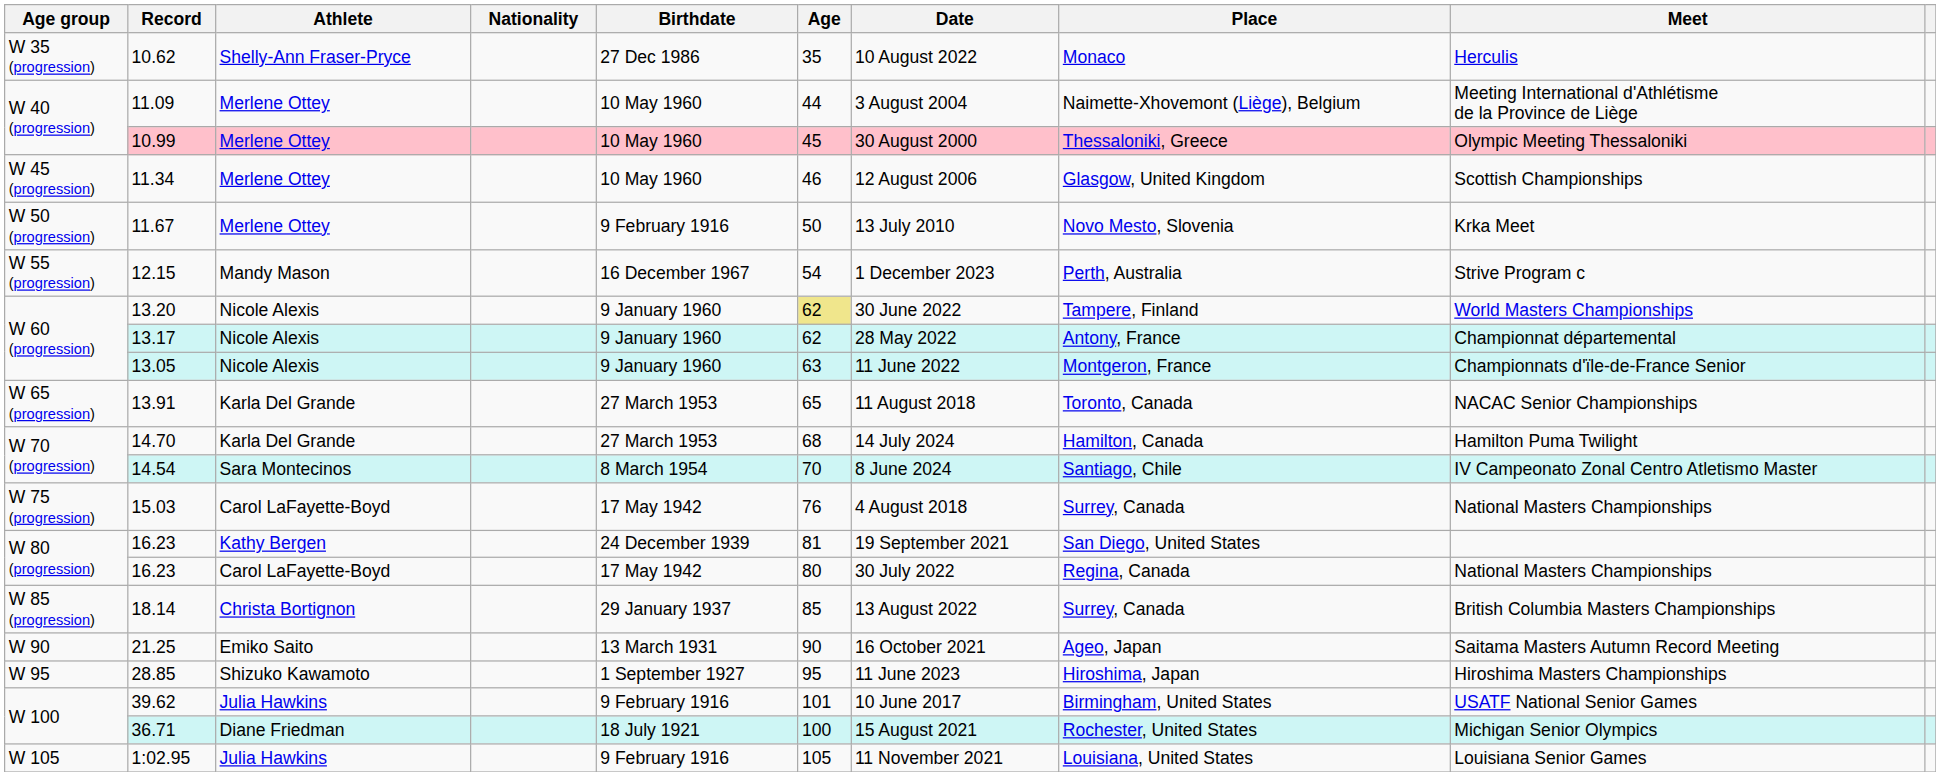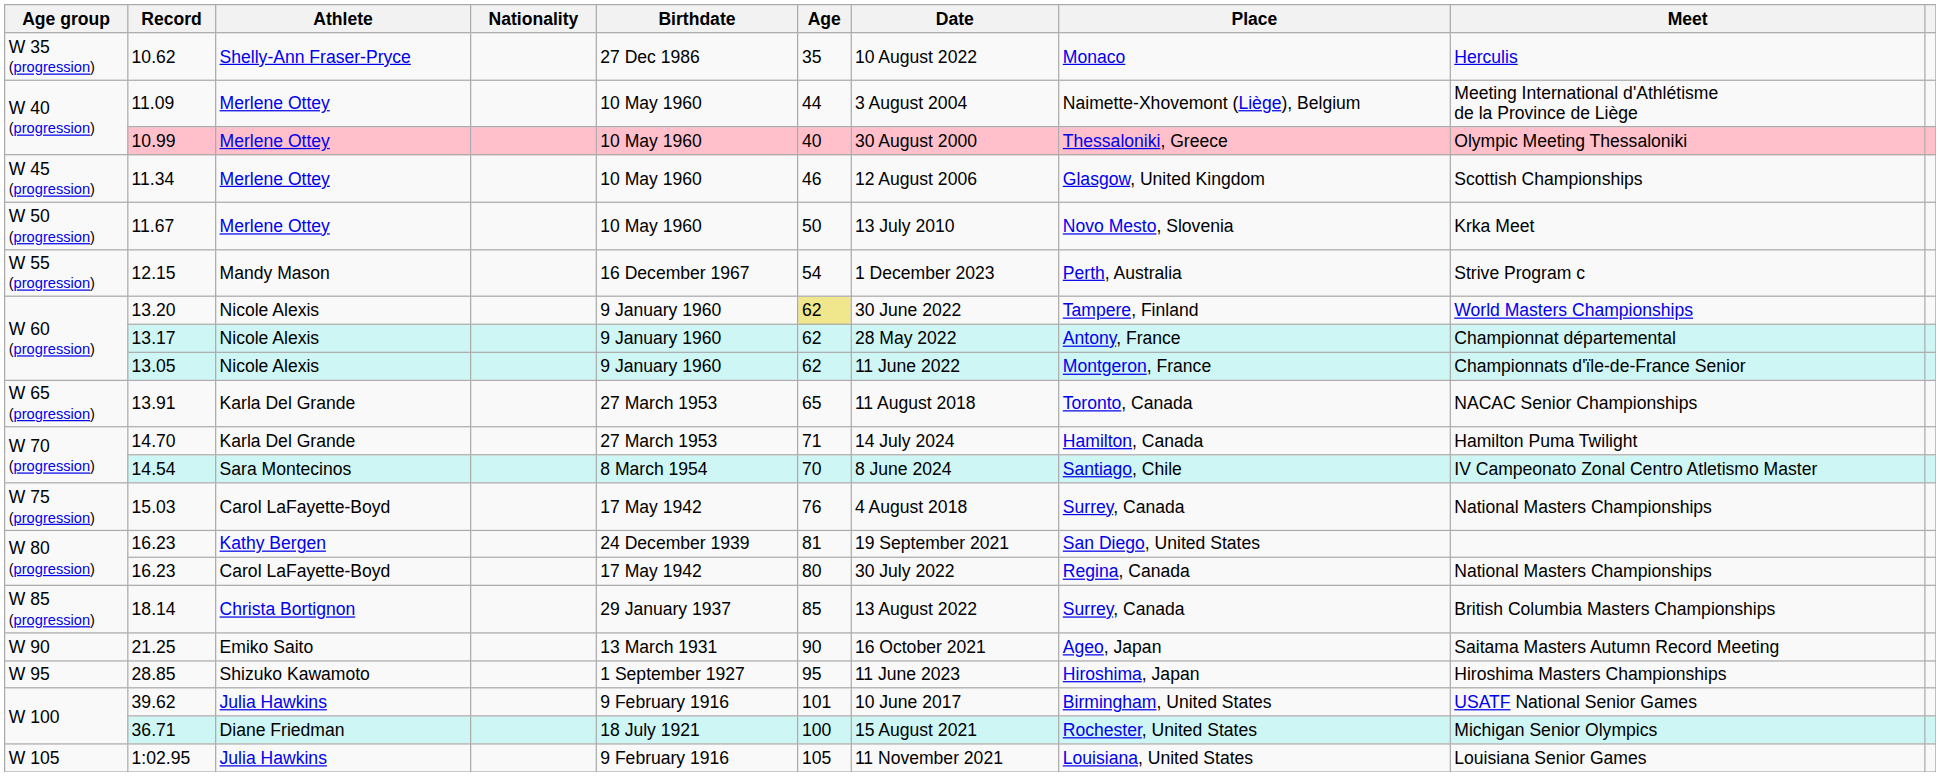 <table class="wikitable" style="font-size:90%; width: 100%;">
 <tr>
 <th>Age group</th>
 <th>Record</th>
 <th>Athlete</th>
 <th>Nationality</th>
 <th>Birthdate</th>
 <th>Age</th>
 <th>Date</th>
 <th>Place</th>
 <th>Meet</th>
 <th></th>
 </tr>
 <tr>
 <td>W 35 <br><small>(<a href='#'>progression</a>)</small></td>
 <td>10.62 </td>
 <td><a href='#'>Shelly-Ann Fraser-Pryce</a></td>
 <td></td>
 <td>27 Dec 1986</td>
 <td>35</td>
 <td>10 August 2022</td>
 <td><a href='#'>Monaco</a></td>
 <td><a href='#'>Herculis</a></td>
 <td></td>
 </tr>
 <tr>
 <td rowspan=2>W 40   <br><small>(<a href='#'>progression</a>)</small></td>
 <td>11.09 </td>
 <td><a href='#'>Merlene Ottey</a></td>
 <td></td>
 <td>10 May 1960</td>
 <td>44</td>
 <td>3 August 2004</td>
 <td>Naimette-Xhovemont (<a href='#'>Liège</a>), Belgium</td>
 <td>Meeting International d'Athlétisme<br>de la Province de Liège</td>
 <td></td>
 </tr>
 <tr style="background:pink">
 <td>10.99 </td>
 <td><a href='#'>Merlene Ottey</a></td>
 <td></td>
 <td>10 May 1960</td>
-<td>45</td>
+<td>40</td>
 <td>30 August 2000</td>
 <td><a href='#'>Thessaloniki</a>, Greece</td>
 <td>Olympic Meeting Thessaloniki</td>
 <td></td>
 </tr>
 <tr>
 <td>W 45   <br><small>(<a href='#'>progression</a>)</small></td>
 <td>11.34 </td>
 <td><a href='#'>Merlene Ottey</a></td>
 <td></td>
 <td>10 May 1960</td>
 <td>46</td>
 <td>12 August 2006</td>
 <td><a href='#'>Glasgow</a>, United Kingdom</td>
 <td>Scottish Championships</td>
 <td></td>
 </tr>
 <tr>
 <td>W 50   <br><small>(<a href='#'>progression</a>)</small></td>
 <td>11.67 </td>
 <td><a href='#'>Merlene Ottey</a></td>
 <td></td>
-<td>9 February 1916</td>
+<td>10 May 1960</td>
 <td>50</td>
 <td>13 July 2010</td>
 <td><a href='#'>Novo Mesto</a>, Slovenia</td>
 <td>Krka Meet</td>
 <td></td>
 </tr>
 <tr>
 <td>W 55 <br><small>(<a href='#'>progression</a>)</small></td>
 <td>12.15 </td>
 <td>Mandy Mason</td>
 <td></td>
 <td>16 December 1967</td>
 <td>54</td>
 <td>1 December 2023</td>
 <td><a href='#'>Perth</a>, Australia</td>
 <td>Strive Program c</td>
 <td></td>
 </tr>
 <tr>
 <td rowspan=3>W 60  <br><small>(<a href='#'>progression</a>)</small></td>
 <td>13.20 </td>
 <td>Nicole Alexis</td>
 <td></td>
 <td>9 January 1960</td>
 <td style="background: khaki;">62</td>
 <td>30 June 2022</td>
 <td><a href='#'>Tampere</a>, Finland</td>
 <td><a href='#'>World Masters Championships</a></td>
 <td></td>
 </tr>
 <tr style="background:#cef6f5;">
 <td>13.17 </td>
 <td>Nicole Alexis</td>
 <td></td>
 <td>9 January 1960</td>
 <td>62</td>
 <td>28 May 2022</td>
 <td><a href='#'>Antony</a>, France</td>
 <td>Championnat départemental</td>
 <td></td>
 </tr>
 <tr style="background:#cef6f5;">
 <td>13.05 </td>
 <td>Nicole Alexis</td>
 <td></td>
 <td>9 January 1960</td>
-<td>63</td>
+<td>62</td>
 <td>11 June 2022</td>
 <td><a href='#'>Montgeron</a>, France</td>
 <td>Championnats d'ïle-de-France Senior</td>
 <td></td>
 </tr>
 <tr>
 <td>W 65   <br><small>(<a href='#'>progression</a>)</small></td>
 <td>13.91 </td>
 <td>Karla Del Grande</td>
 <td></td>
 <td>27 March 1953</td>
 <td>65</td>
 <td>11 August 2018</td>
 <td><a href='#'>Toronto</a>, Canada</td>
 <td>NACAC Senior Championships</td>
 <td></td>
 </tr>
 <tr>
 <td rowspan=2>W 70   <br><small>(<a href='#'>progression</a>)</small></td>
 <td>14.70 </td>
 <td>Karla Del Grande</td>
 <td></td>
 <td>27 March 1953</td>
-<td>68</td>
+<td>71</td>
 <td>14 July 2024</td>
 <td><a href='#'>Hamilton</a>, Canada</td>
 <td>Hamilton Puma Twilight</td>
 <td></td>
 </tr>
 <tr style="background:#cef6f5;">
 <td>14.54 </td>
 <td>Sara Montecinos</td>
 <td></td>
 <td>8 March 1954</td>
 <td>70</td>
 <td>8 June 2024</td>
 <td><a href='#'>Santiago</a>, Chile</td>
 <td>IV Campeonato Zonal Centro Atletismo Master</td>
 <td></td>
 </tr>
 <tr>
 <td>W 75 <br><small>(<a href='#'>progression</a>)</small></td>
 <td>15.03 </td>
 <td>Carol LaFayette-Boyd</td>
 <td></td>
 <td>17 May 1942</td>
 <td>76</td>
 <td>4 August 2018</td>
 <td><a href='#'>Surrey</a>, Canada</td>
 <td>National Masters Championships</td>
 <td></td>
 </tr>
 <tr>
 <td rowspan =2>W 80  <br><small>(<a href='#'>progression</a>)</small></td>
 <td>16.23 </td>
 <td><a href='#'>Kathy Bergen</a></td>
 <td></td>
 <td>24 December 1939</td>
 <td>81</td>
 <td>19 September 2021</td>
 <td><a href='#'>San Diego</a>, United States</td>
 <td></td>
 <td></td>
 </tr>
 <tr>
 <td>16.23 </td>
 <td>Carol LaFayette-Boyd</td>
 <td></td>
 <td>17 May 1942</td>
 <td>80</td>
 <td>30 July 2022</td>
 <td><a href='#'>Regina</a>, Canada</td>
 <td>National Masters Championships</td>
 <td></td>
 </tr>
 <tr>
 <td>W 85   <br><small>(<a href='#'>progression</a>)</small></td>
 <td>18.14 </td>
 <td><a href='#'>Christa Bortignon</a></td>
 <td></td>
 <td>29 January 1937</td>
 <td>85</td>
 <td>13 August 2022</td>
 <td><a href='#'>Surrey</a>, Canada</td>
 <td>British Columbia Masters Championships</td>
 <td></td>
 </tr>
 <tr>
 <td>W 90</td>
 <td>21.25 </td>
 <td>Emiko Saito</td>
 <td></td>
 <td>13 March 1931</td>
 <td>90</td>
 <td>16 October 2021</td>
 <td><a href='#'>Ageo</a>, Japan</td>
 <td>Saitama Masters Autumn Record Meeting</td>
 <td></td>
 </tr>
 <tr>
 <td>W 95</td>
 <td>28.85 </td>
 <td>Shizuko Kawamoto</td>
 <td></td>
 <td>1 September 1927</td>
 <td>95</td>
 <td>11 June 2023</td>
 <td><a href='#'>Hiroshima</a>, Japan</td>
 <td>Hiroshima Masters Championships</td>
 <td></td>
 </tr>
 <tr>
 <td rowspan=2>W 100</td>
 <td>39.62 </td>
 <td><a href='#'>Julia Hawkins</a></td>
 <td></td>
 <td>9 February 1916</td>
 <td>101</td>
 <td>10 June 2017</td>
 <td><a href='#'>Birmingham</a>, United States</td>
 <td><a href='#'>USATF</a> National Senior Games</td>
 <td></td>
 </tr>
 <tr style="background:#cef6f5;">
 <td>36.71 </td>
 <td>Diane Friedman</td>
 <td></td>
 <td>18 July 1921</td>
 <td>100</td>
 <td>15 August 2021</td>
 <td><a href='#'>Rochester</a>, United States</td>
 <td>Michigan Senior Olympics</td>
 <td></td>
 </tr>
 <tr>
 <td>W 105</td>
 <td>1:02.95 </td>
 <td><a href='#'>Julia Hawkins</a></td>
 <td></td>
 <td>9 February 1916</td>
 <td>105</td>
 <td>11 November 2021</td>
 <td><a href='#'>Louisiana</a>, United States</td>
 <td>Louisiana Senior Games</td>
 <td></td>
 </tr>
 </table>
